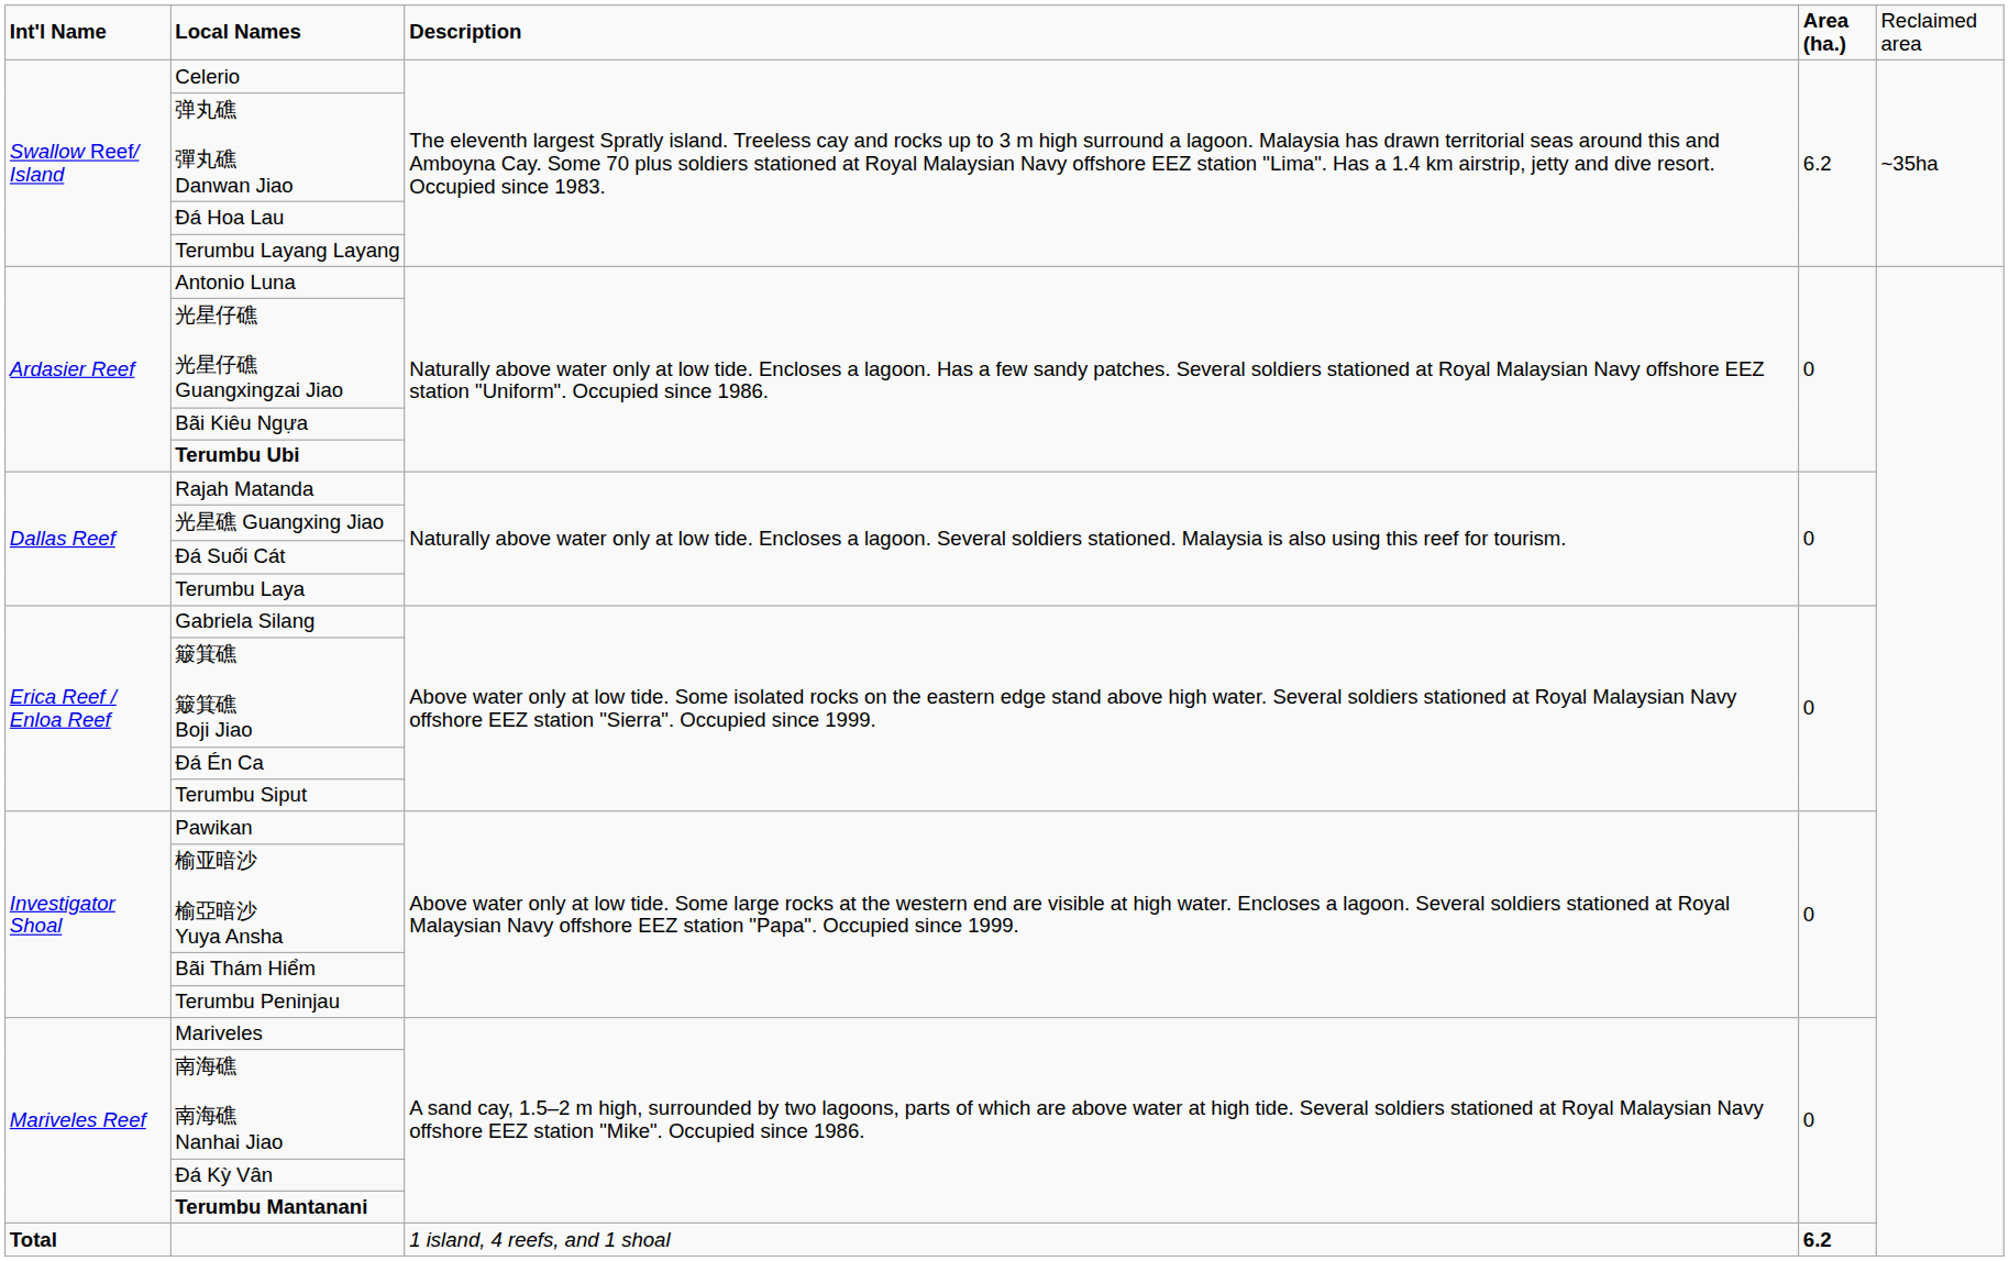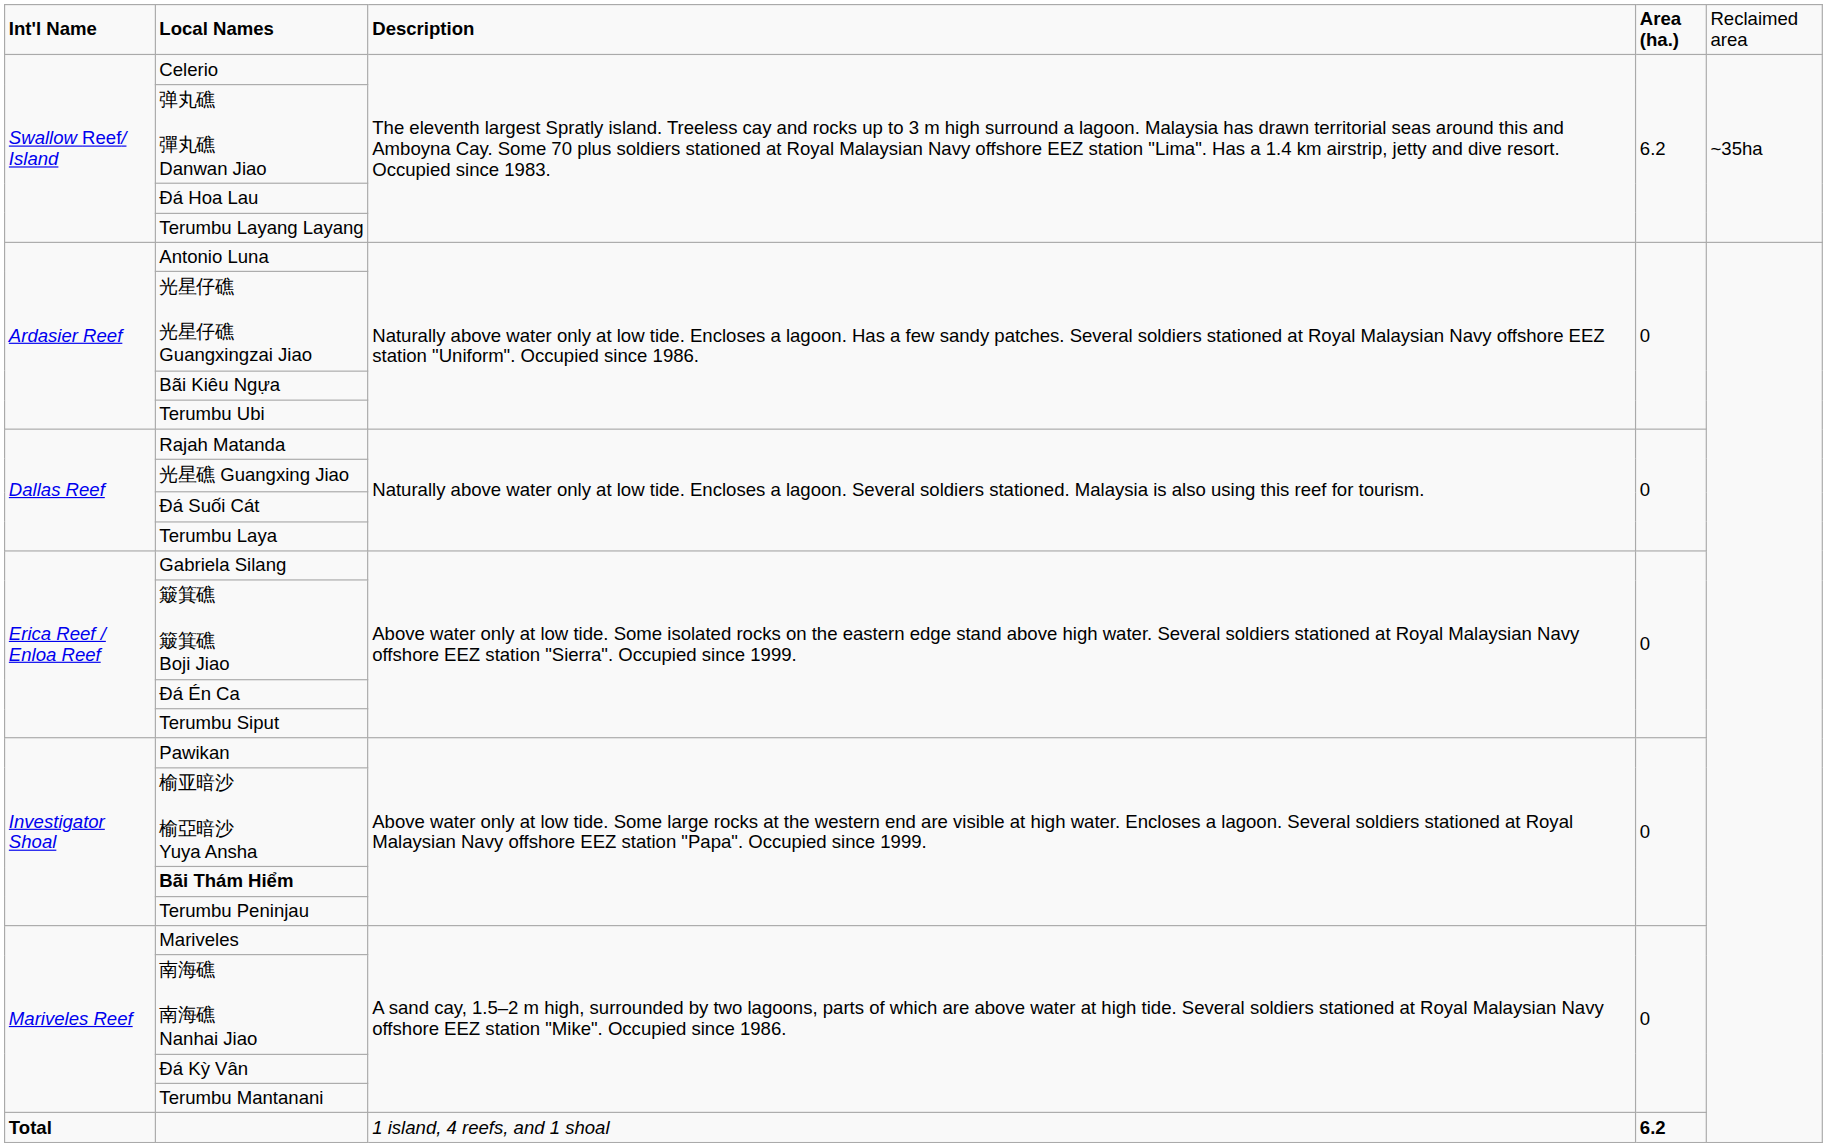 <table class="wikitable">
 <tr>
 <td><strong>Int'l Name</strong></td>
 <td><strong>Local Names</strong></td>
 <td><strong>Description</strong></td>
 <td><strong>Area (ha.)</strong></td>
 <td>Reclaimed area</td>
 </tr>
 <tr>
 <td rowspan="4"><em><a href='#'>Swallow </em>Reef<em>/ Island</a></em></td>
 <td> Celerio</td>
 <td rowspan="4">The eleventh largest Spratly island. Treeless cay and rocks up to 3 m high surround a lagoon. Malaysia has drawn territorial seas around this and Amboyna Cay. Some 70 plus soldiers stationed at Royal Malaysian Navy offshore EEZ station "Lima". Has a 1.4 km airstrip, jetty and dive resort. Occupied since 1983.</td>
 <td rowspan="4">6.2</td>
 <td rowspan="4">~35ha</td>
 </tr>
 <tr>
 <td> 弹丸礁<br><br> 彈丸礁<br> Danwan Jiao</td>
 </tr>
 <tr>
 <td> Đá Hoa Lau</td>
 </tr>
 <tr>
 <td nowrap> Terumbu Layang Layang</td>
 </tr>
 <tr>
 <td rowspan="4"><em><a href='#'>Ardasier Reef</a></em></td>
 <td> Antonio Luna</td>
 <td rowspan="4"><br>Naturally above water only at low tide. Encloses a lagoon. Has a few sandy patches. Several soldiers stationed at Royal Malaysian Navy offshore EEZ station "Uniform". Occupied since 1986.</td>
 <td rowspan="4">0</td>
 </tr>
 <tr>
 <td> 光星仔礁<br><br> 光星仔礁<br> Guangxingzai Jiao</td>
 </tr>
 <tr>
 <td> Bãi Kiêu Ngựa</td>
 </tr>
 <tr>
-<td><strong> Terumbu Ubi</strong></td>
+<td> Terumbu Ubi</td>
 </tr>
 <tr>
 <td rowspan="4"><em><a href='#'>Dallas Reef</a></em></td>
 <td> Rajah Matanda</td>
 <td rowspan="4">Naturally above water only at low tide. Encloses a lagoon. Several soldiers stationed. Malaysia is also using this reef for tourism.</td>
 <td rowspan="4">0</td>
 </tr>
 <tr>
 <td> 光星礁 Guangxing Jiao</td>
 </tr>
 <tr>
 <td> Đá Suối Cát</td>
 </tr>
 <tr>
 <td> Terumbu Laya</td>
 </tr>
 <tr>
 <td rowspan="4"><em><a href='#'>Erica Reef / Enloa Reef</a></em></td>
 <td> Gabriela Silang</td>
 <td rowspan="4">Above water only at low tide. Some isolated rocks on the eastern edge stand above high water. Several soldiers stationed at Royal Malaysian Navy offshore EEZ station "Sierra". Occupied since 1999.</td>
 <td rowspan="4">0</td>
 </tr>
 <tr>
 <td> 簸箕礁<br><br> 簸箕礁<br> Boji Jiao</td>
 </tr>
 <tr>
 <td> Đá Én Ca</td>
 </tr>
 <tr>
 <td> Terumbu Siput</td>
 </tr>
 <tr>
 <td rowspan="4"><em><a href='#'>Investigator Shoal</a></em></td>
 <td> Pawikan</td>
 <td rowspan="4">Above water only at low tide. Some large rocks at the western end are visible at high water. Encloses a lagoon. Several soldiers stationed at Royal Malaysian Navy offshore EEZ station "Papa". Occupied since 1999.</td>
 <td rowspan="4">0</td>
 </tr>
 <tr>
 <td> 榆亚暗沙<br><br> 榆亞暗沙<br> Yuya Ansha</td>
 </tr>
 <tr>
-<td> Bãi Thám Hiểm</td>
+<td><strong> Bãi Thám Hiểm</strong></td>
 </tr>
 <tr>
 <td> Terumbu Peninjau</td>
 </tr>
 <tr>
 <td rowspan="4"><em><a href='#'>Mariveles Reef</a></em></td>
 <td> Mariveles</td>
 <td rowspan="4">A sand cay, 1.5–2 m high, surrounded by two lagoons, parts of which are above water at high tide. Several soldiers stationed at Royal Malaysian Navy offshore EEZ station "Mike". Occupied since 1986.</td>
 <td rowspan="4">0</td>
 </tr>
 <tr>
 <td> 南海礁<br><br> 南海礁<br> Nanhai Jiao</td>
 </tr>
 <tr>
 <td> Đá Kỳ Vân</td>
 </tr>
 <tr>
-<td><strong> Terumbu Mantanani</strong></td>
+<td> Terumbu Mantanani</td>
 </tr>
 <tr>
 <td><strong>Total</strong></td>
 <td></td>
 <td><em>1 island, 4 reefs, and 1 shoal</em></td>
 <td><strong>6.2</strong></td>
 </tr>
 </table>
